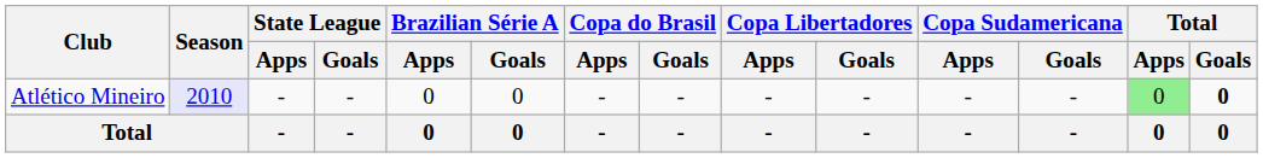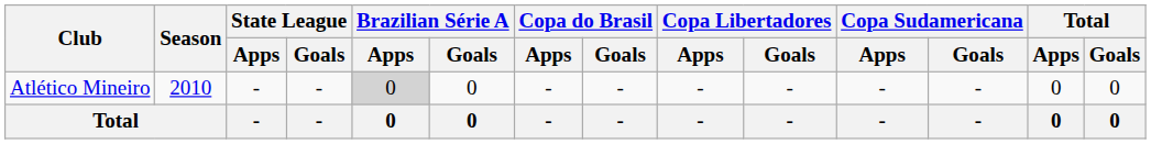 <table class="wikitable" style="text-align: center;">
 <tr>
 <th rowspan="2">Club</th>
 <th rowspan="2">Season</th>
 <th colspan="2">State League</th>
 <th colspan="2"><a href='#'>Brazilian Série A</a></th>
 <th colspan="2"><a href='#'>Copa do Brasil</a></th>
 <th colspan="2"><a href='#'>Copa Libertadores</a></th>
 <th colspan="2"><a href='#'>Copa Sudamericana</a></th>
 <th colspan="2">Total</th>
 </tr>
 <tr>
 <th>Apps</th>
 <th>Goals</th>
 <th>Apps</th>
 <th>Goals</th>
 <th>Apps</th>
 <th>Goals</th>
 <th>Apps</th>
 <th>Goals</th>
 <th>Apps</th>
 <th>Goals</th>
 <th>Apps</th>
 <th>Goals</th>
 </tr>
 <tr>
 <td rowspan="1" valign="center"><a href='#'>Atlético Mineiro</a></td>
-<td style="background: lavender;"><a href='#'>2010</a></td>
+<td><a href='#'>2010</a></td>
 <td>-</td>
 <td>-</td>
-<td>0</td>
+<td style="background: lightgrey;">0</td>
 <td>0</td>
 <td>-</td>
 <td>-</td>
 <td>-</td>
 <td>-</td>
 <td>-</td>
 <td>-</td>
-<td style="background: lightgreen;">0</td>
-<td><strong>0</strong></td>
+<td>0</td>
+<td>0</td>
 </tr>
 <tr>
 <th colspan="2"><strong>Total</strong></th>
 <th>-</th>
 <th>-</th>
 <th>0</th>
 <th>0</th>
 <th>-</th>
 <th>-</th>
 <th>-</th>
 <th>-</th>
 <th>-</th>
 <th>-</th>
 <th>0</th>
 <th>0</th>
 </tr>
 </table>
